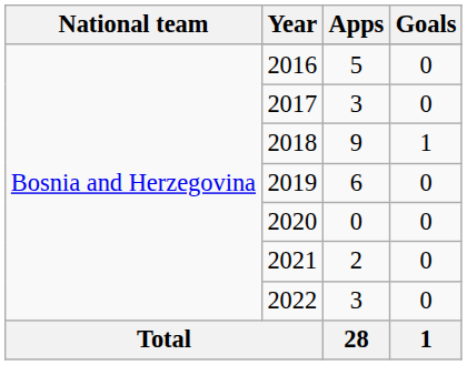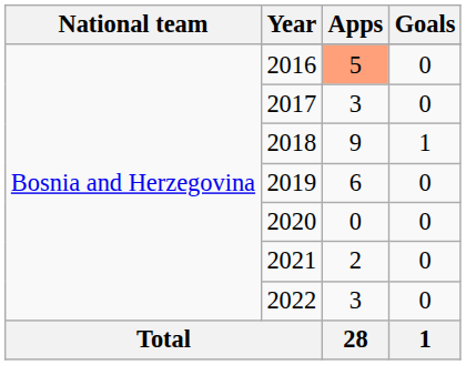 <table class="wikitable" style="text-align:center">
 <tr>
 <th>National team</th>
 <th>Year</th>
 <th>Apps</th>
 <th>Goals</th>
 </tr>
 <tr>
 <td rowspan=8><a href='#'>Bosnia and Herzegovina</a></td>
 </tr>
 <tr>
 <td>2016</td>
-<td>5</td>
+<td style="background: lightsalmon;">5</td>
 <td>0</td>
 </tr>
 <tr>
 <td>2017</td>
 <td>3</td>
 <td>0</td>
 </tr>
 <tr>
 <td>2018</td>
 <td>9</td>
 <td>1</td>
 </tr>
 <tr>
 <td>2019</td>
 <td>6</td>
 <td>0</td>
 </tr>
 <tr>
 <td>2020</td>
 <td>0</td>
 <td>0</td>
 </tr>
 <tr>
 <td>2021</td>
 <td>2</td>
 <td>0</td>
 </tr>
 <tr>
 <td>2022</td>
 <td>3</td>
 <td>0</td>
 </tr>
 <tr>
 <th colspan=2>Total</th>
 <th>28</th>
 <th>1</th>
 </tr>
 </table>
